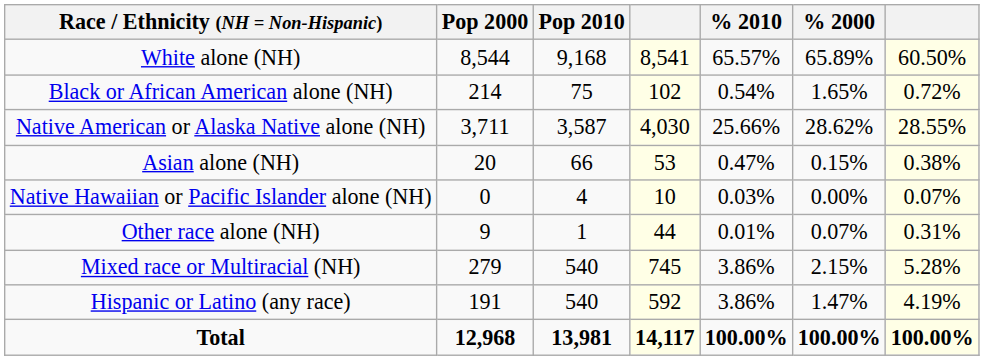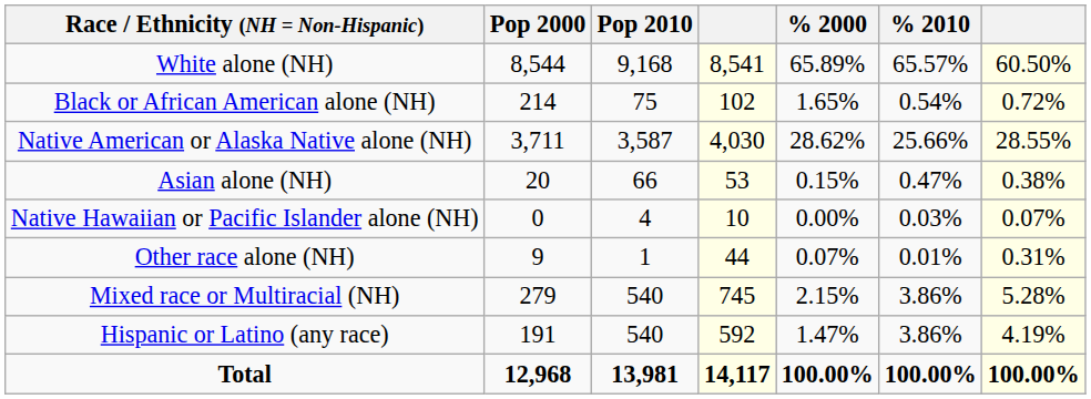 <table class="wikitable" style="text-align:center;">
 <tr>
 <th>Race / Ethnicity <small>(<em>NH = Non-Hispanic</em>)</small></th>
 <th>Pop 2000</th>
 <th>Pop 2010</th>
 <th></th>
+<th>% 2000</th>
 <th>% 2010</th>
-<th>% 2000</th>
 <th></th>
 </tr>
 <tr>
 <td><a href='#'>White</a> alone (NH)</td>
 <td>8,544</td>
 <td>9,168</td>
 <td style='background: #ffffe6;'>8,541</td>
+<td>65.89%</td>
 <td>65.57%</td>
-<td>65.89%</td>
 <td style='background: #ffffe6;'>60.50%</td>
 </tr>
 <tr>
 <td><a href='#'>Black or African American</a> alone (NH)</td>
 <td>214</td>
 <td>75</td>
 <td style='background: #ffffe6;'>102</td>
+<td>1.65%</td>
 <td>0.54%</td>
-<td>1.65%</td>
 <td style='background: #ffffe6;'>0.72%</td>
 </tr>
 <tr>
 <td><a href='#'>Native American</a> or <a href='#'>Alaska Native</a> alone (NH)</td>
 <td>3,711</td>
 <td>3,587</td>
 <td style='background: #ffffe6;'>4,030</td>
+<td>28.62%</td>
 <td>25.66%</td>
-<td>28.62%</td>
 <td style='background: #ffffe6;'>28.55%</td>
 </tr>
 <tr>
 <td><a href='#'>Asian</a> alone (NH)</td>
 <td>20</td>
 <td>66</td>
 <td style='background: #ffffe6;'>53</td>
+<td>0.15%</td>
 <td>0.47%</td>
-<td>0.15%</td>
 <td style='background: #ffffe6;'>0.38%</td>
 </tr>
 <tr>
 <td><a href='#'>Native Hawaiian</a> or <a href='#'>Pacific Islander</a> alone (NH)</td>
 <td>0</td>
 <td>4</td>
 <td style='background: #ffffe6;'>10</td>
+<td>0.00%</td>
 <td>0.03%</td>
-<td>0.00%</td>
 <td style='background: #ffffe6;'>0.07%</td>
 </tr>
 <tr>
 <td><a href='#'>Other race</a> alone (NH)</td>
 <td>9</td>
 <td>1</td>
 <td style='background: #ffffe6;'>44</td>
+<td>0.07%</td>
 <td>0.01%</td>
-<td>0.07%</td>
 <td style='background: #ffffe6;'>0.31%</td>
 </tr>
 <tr>
 <td><a href='#'>Mixed race or Multiracial</a> (NH)</td>
 <td>279</td>
 <td>540</td>
 <td style='background: #ffffe6;'>745</td>
+<td>2.15%</td>
 <td>3.86%</td>
-<td>2.15%</td>
 <td style='background: #ffffe6;'>5.28%</td>
 </tr>
 <tr>
 <td><a href='#'>Hispanic or Latino</a> (any race)</td>
 <td>191</td>
 <td>540</td>
 <td style='background: #ffffe6;'>592</td>
+<td>1.47%</td>
 <td>3.86%</td>
-<td>1.47%</td>
 <td style='background: #ffffe6;'>4.19%</td>
 </tr>
 <tr>
 <td><strong>Total</strong></td>
 <td><strong>12,968</strong></td>
 <td><strong>13,981</strong></td>
 <td style='background: #ffffe6;'><strong>14,117</strong></td>
 <td><strong>100.00%</strong></td>
 <td><strong>100.00%</strong></td>
 <td style='background: #ffffe6;'><strong>100.00%</strong></td>
 </tr>
 </table>
